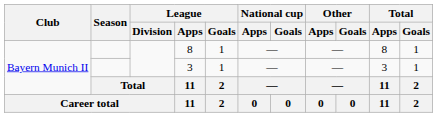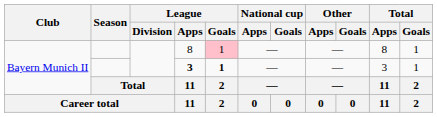 <table class="wikitable" style="text-align:center">
 <tr>
 <th rowspan="2">Club</th>
 <th rowspan="2">Season</th>
 <th colspan="3">League</th>
 <th colspan="2">National cup</th>
 <th colspan="2">Other</th>
 <th colspan="2">Total</th>
 </tr>
 <tr>
 <th>Division</th>
 <th>Apps</th>
 <th>Goals</th>
 <th>Apps</th>
 <th>Goals</th>
 <th>Apps</th>
 <th>Goals</th>
 <th>Apps</th>
 <th>Goals</th>
 </tr>
 <tr>
 <td rowspan="3"><a href='#'>Bayern Munich II</a></td>
 <td></td>
 <td rowspan="2"></td>
 <td>8</td>
-<td>1</td>
+<td style="background: pink;">1</td>
 <td colspan="2">—</td>
 <td colspan="2">—</td>
 <td>8</td>
 <td>1</td>
 </tr>
 <tr>
 <td></td>
-<td>3</td>
-<td>1</td>
+<td><strong>3</strong></td>
+<td><strong>1</strong></td>
 <td colspan="2">—</td>
 <td colspan="2">—</td>
 <td>3</td>
 <td>1</td>
 </tr>
 <tr>
 <th colspan="2">Total</th>
 <th>11</th>
 <th>2</th>
 <th colspan="2">—</th>
 <th colspan="2">—</th>
 <th>11</th>
 <th>2</th>
 </tr>
 <tr>
 <th colspan="3">Career total</th>
 <th>11</th>
 <th>2</th>
 <th>0</th>
 <th>0</th>
 <th>0</th>
 <th>0</th>
 <th>11</th>
 <th>2</th>
 </tr>
 </table>
